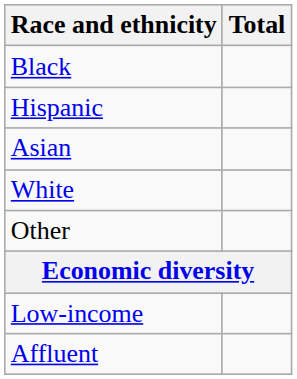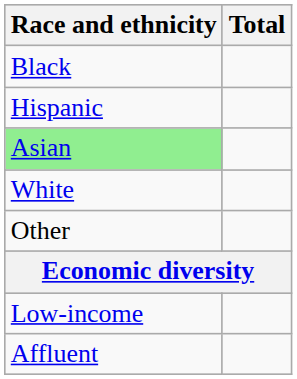 <table class="wikitable floatright sortable collapsible"; text-align:right; font-size:80%;">
 <tr>
 <th>Race and ethnicity</th>
 <th colspan="2" data-sort-type=number>Total</th>
 </tr>
 <tr>
 <td><a href='#'>Black</a></td>
 <td align=right></td>
 </tr>
 <tr>
 <td><a href='#'>Hispanic</a></td>
 <td align=right></td>
 </tr>
 <tr>
-<td><a href='#'>Asian</a></td>
+<td style="background: lightgreen;"><a href='#'>Asian</a></td>
 <td align=right></td>
 </tr>
 <tr>
 <td><a href='#'>White</a></td>
 <td align=right></td>
 </tr>
 <tr>
 <td>Other</td>
 <td align=right></td>
 </tr>
 <tr>
 <th colspan="4" data-sort-type=number><a href='#'>Economic diversity</a></th>
 </tr>
 <tr>
 <td><a href='#'>Low-income</a></td>
 <td align=right></td>
 </tr>
 <tr>
 <td><a href='#'>Affluent</a></td>
 <td align=right></td>
 </tr>
 </table>
